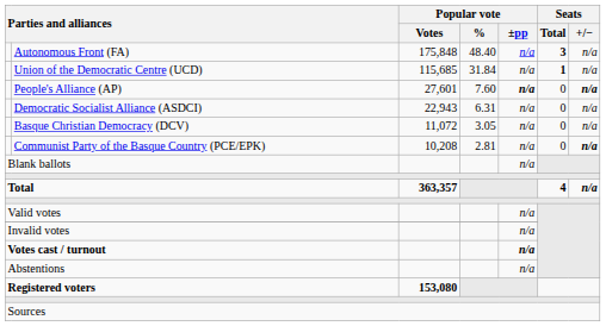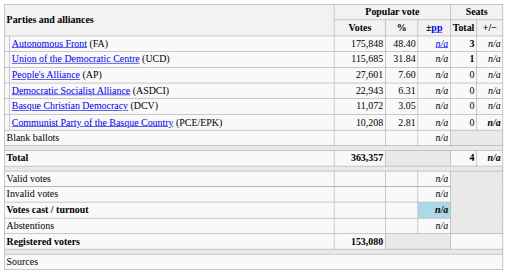 <table class="wikitable" style="text-align:right;">
 <tr>
 <th style="text-align:left;" rowspan="2" colspan="2" width="525">Parties and alliances</th>
 <th colspan="3">Popular vote</th>
 <th colspan="2">Seats</th>
 </tr>
 <tr>
 <th width="75">Votes</th>
 <th width="45">%</th>
 <th width="45">±<a href='#'>pp</a></th>
 <th width="35">Total</th>
 <th width="35">+/−</th>
 </tr>
 <tr>
 <td width="1" style="color:inherit;background:"></td>
 <td align="left"><a href='#'>Autonomous Front</a> (FA)</td>
 <td>175,848</td>
 <td>48.40</td>
 <td><em><a href='#'>n/a</a></em></td>
 <td><strong>3</strong></td>
 <td><em>n/a</em></td>
 </tr>
 <tr>
 <td style="color:inherit;background:"></td>
 <td align="left"><a href='#'>Union of the Democratic Centre</a> (UCD)</td>
 <td>115,685</td>
 <td>31.84</td>
 <td><em>n/a</em></td>
 <td><strong>1</strong></td>
 <td><em>n/a</em></td>
 </tr>
 <tr>
 <td style="color:inherit;background:"></td>
 <td align="left"><a href='#'>People's Alliance</a> (AP)</td>
 <td>27,601</td>
 <td>7.60</td>
-<td><strong><em>n/a</em></strong></td>
+<td><em>n/a</em></td>
 <td>0</td>
-<td><strong><em>n/a</em></strong></td>
+<td><em>n/a</em></td>
 </tr>
 <tr>
 <td style="color:inherit;background:"></td>
 <td align="left"><a href='#'>Democratic Socialist Alliance</a> (ASDCI)</td>
 <td>22,943</td>
 <td>6.31</td>
 <td><em>n/a</em></td>
 <td>0</td>
 <td><em>n/a</em></td>
 </tr>
 <tr>
 <td style="color:inherit;background:"></td>
 <td align="left"><a href='#'>Basque Christian Democracy</a> (DCV)</td>
 <td>11,072</td>
 <td>3.05</td>
 <td><em>n/a</em></td>
 <td>0</td>
 <td><em>n/a</em></td>
 </tr>
 <tr>
 <td style="color:inherit;background:"></td>
 <td align="left"><a href='#'>Communist Party of the Basque Country</a> (PCE/EPK)</td>
 <td>10,208</td>
 <td>2.81</td>
 <td><em>n/a</em></td>
 <td>0</td>
 <td><strong><em>n/a</em></strong></td>
 </tr>
 <tr>
 <td align="left" colspan="2">Blank ballots</td>
 <td></td>
 <td></td>
 <td><em>n/a</em></td>
 <td bgcolor="#E9E9E9" colspan="2"></td>
 </tr>
 <tr>
 <td colspan="7" bgcolor="#E9E9E9"></td>
 </tr>
 <tr style="font-weight:bold;">
 <td align="left" colspan="2">Total</td>
 <td>363,357</td>
 <td bgcolor="#E9E9E9" colspan="2"></td>
 <td>4</td>
 <td><em>n/a</em></td>
 </tr>
 <tr>
 <td colspan="7" bgcolor="#E9E9E9"></td>
 </tr>
 <tr>
 <td align="left" colspan="2">Valid votes</td>
 <td></td>
 <td></td>
 <td><em>n/a</em></td>
 <td bgcolor="#E9E9E9" colspan="2" rowspan="5"></td>
 </tr>
 <tr>
 </tr>
 <tr>
 <td align="left" colspan="2">Invalid votes</td>
 <td></td>
 <td></td>
 <td><em>n/a</em></td>
 </tr>
 <tr style="font-weight:bold;">
 <td align="left" colspan="2">Votes cast / turnout</td>
 <td></td>
 <td></td>
-<td><em>n/a</em></td>
+<td style="background: lightblue;"><em>n/a</em></td>
 </tr>
 <tr>
 <td align="left" colspan="2">Abstentions</td>
 <td></td>
 <td></td>
 <td><em>n/a</em></td>
 </tr>
 <tr style="font-weight:bold;">
 <td align="left" colspan="2">Registered voters</td>
 <td>153,080</td>
 <td bgcolor="#E9E9E9" colspan="2"></td>
 </tr>
 <tr>
 <td colspan="7" bgcolor="#E9E9E9"></td>
 </tr>
 <tr>
 <td align="left" colspan="7">Sources</td>
 </tr>
 </table>
